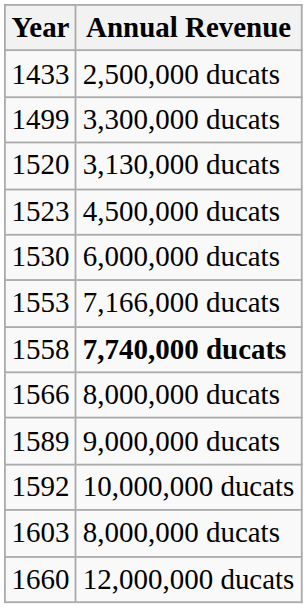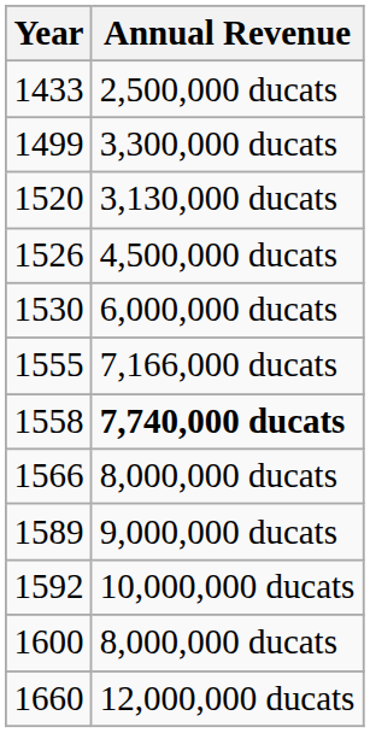 <table class="wikitable">
 <tr>
 <th>Year</th>
 <th>Annual Revenue</th>
 </tr>
 <tr>
 <td>1433</td>
 <td>2,500,000 ducats</td>
 </tr>
 <tr>
 <td>1499</td>
 <td>3,300,000 ducats</td>
 </tr>
 <tr>
 <td>1520</td>
 <td>3,130,000 ducats</td>
 </tr>
 <tr>
-<td>1523</td>
+<td>1526</td>
 <td>4,500,000 ducats</td>
 </tr>
 <tr>
 <td>1530</td>
 <td>6,000,000 ducats</td>
 </tr>
 <tr>
-<td>1553</td>
+<td>1555</td>
 <td>7,166,000 ducats</td>
 </tr>
 <tr>
 <td>1558</td>
 <td><strong>7,740,000 ducats</strong></td>
 </tr>
 <tr>
 <td>1566</td>
 <td>8,000,000 ducats</td>
 </tr>
 <tr>
 <td>1589</td>
 <td>9,000,000 ducats</td>
 </tr>
 <tr>
 <td>1592</td>
 <td>10,000,000 ducats</td>
 </tr>
 <tr>
-<td>1603</td>
+<td>1600</td>
 <td>8,000,000 ducats</td>
 </tr>
 <tr>
 <td>1660</td>
 <td>12,000,000 ducats</td>
 </tr>
 </table>
